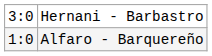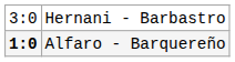 <table class="wikitable">
 <tr align=center bgcolor=white>
 <td>3:0</td>
 <td>Hernani - Barbastro</td>
 </tr>
 <tr align=center bgcolor=#F5F5F5>
-<td>1:0</td>
+<td><strong>1:0</strong></td>
 <td>Alfaro - Barquereño</td>
 </tr>
 </table>
